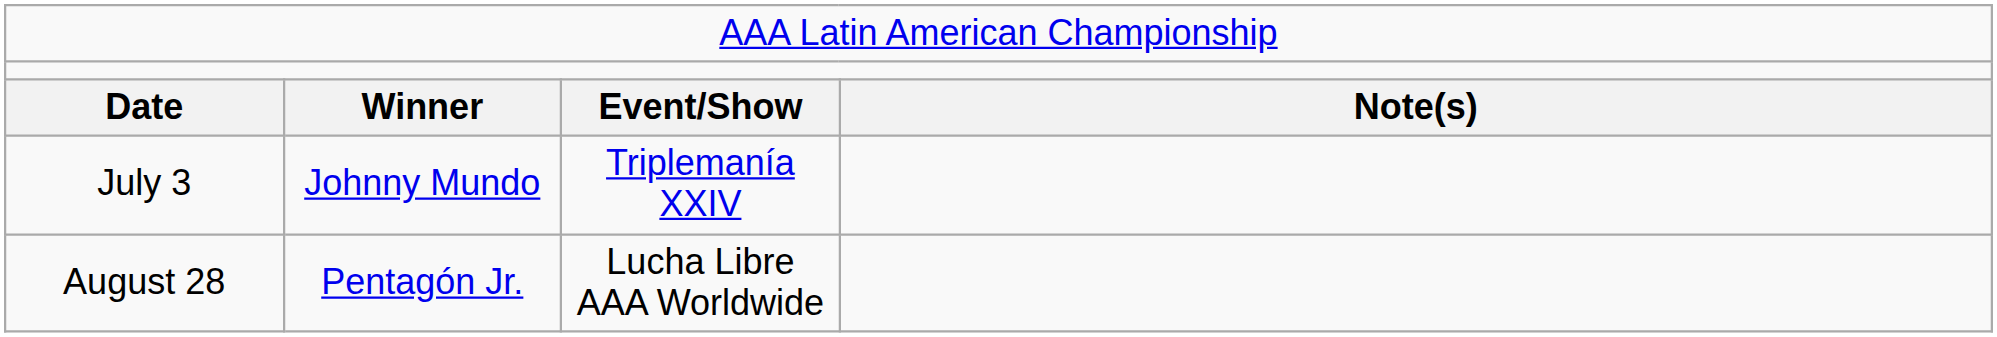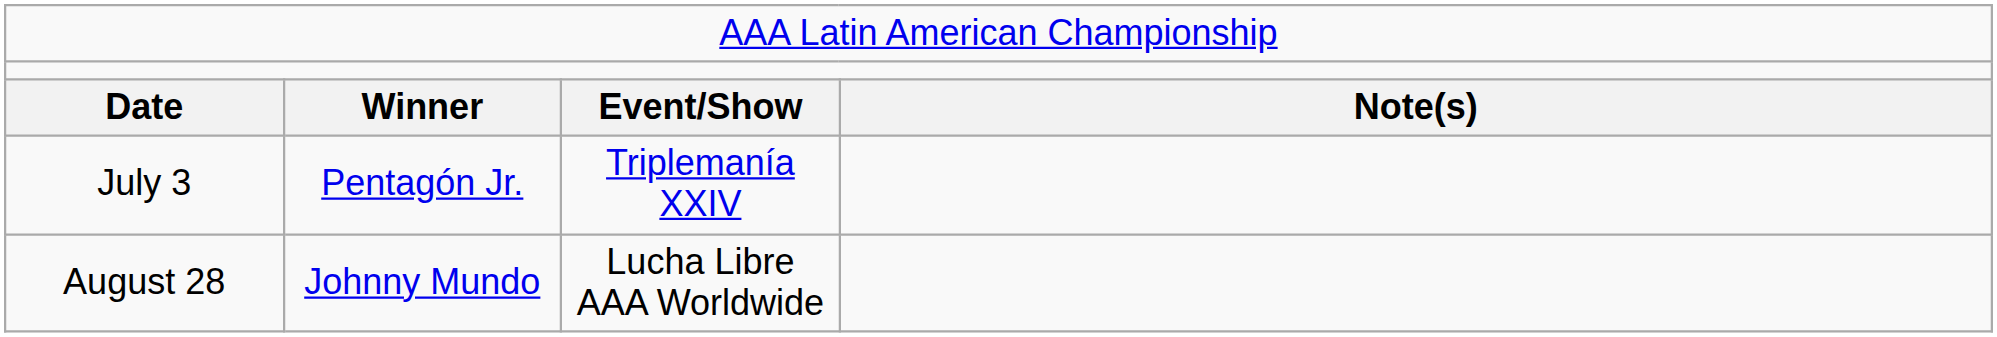 <table class="wikitable" style="text-align:center; width:100%;">
 <tr>
 <td colspan="5"><a href='#'>AAA Latin American Championship</a></td>
 </tr>
 <tr>
 <td colspan="5"><strong></strong></td>
 </tr>
 <tr>
 <th width="14%">Date</th>
 <th width="14%">Winner</th>
 <th width="14%">Event/Show</th>
 <th width="58%">Note(s)</th>
 </tr>
 <tr>
 <td>July 3</td>
-<td><a href='#'>Johnny Mundo</a></td>
+<td><a href='#'>Pentagón Jr.</a></td>
 <td><a href='#'>Triplemanía XXIV</a></td>
 <td align="left"></td>
 </tr>
 <tr>
 <td>August 28</td>
-<td><a href='#'>Pentagón Jr.</a></td>
+<td><a href='#'>Johnny Mundo</a></td>
 <td>Lucha Libre AAA Worldwide</td>
 <td align="left"></td>
 </tr>
 </table>
